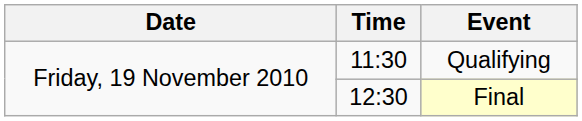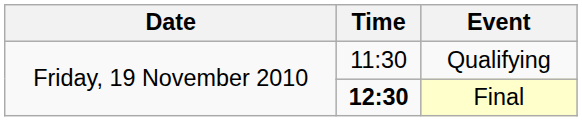 <table class = "wikitable" style="text-align:center;">
 <tr>
 <th width=220>Date</th>
 <th width=50>Time</th>
 <th width=100>Event</th>
 </tr>
 <tr>
 <td rowspan=2>Friday, 19 November 2010</td>
 <td>11:30</td>
 <td>Qualifying</td>
 </tr>
 <tr>
-<td>12:30</td>
+<td><strong>12:30</strong></td>
 <td bgcolor=ffffcc>Final</td>
 </tr>
 </table>
